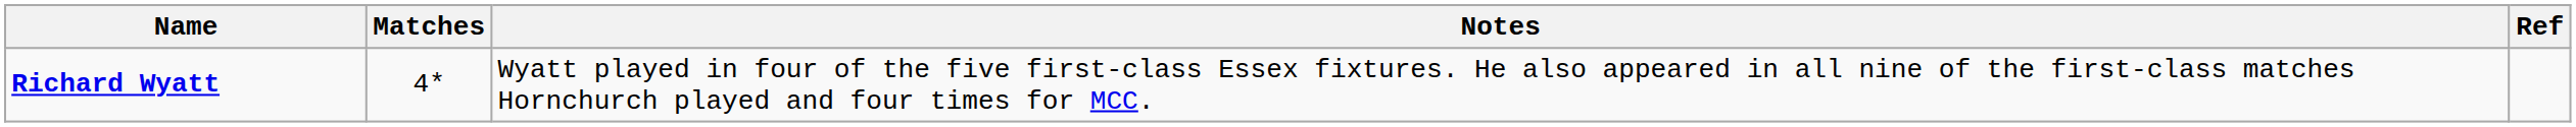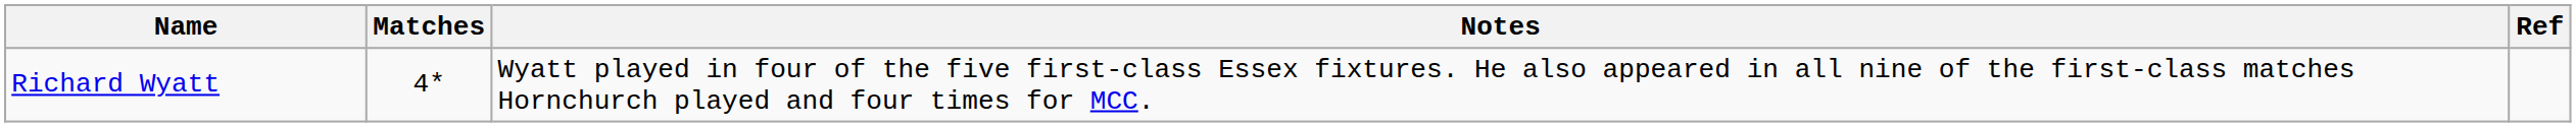 <table class="wikitable">
 <tr>
 <th style="width:170px">Name</th>
 <th>Matches</th>
 <th>Notes</th>
 <th>Ref</th>
 </tr>
 <tr>
-<td><strong><a href='#'>Richard Wyatt</a></strong></td>
+<td><a href='#'>Richard Wyatt</a></td>
 <td align=center>4*</td>
 <td>Wyatt played in four of the five first-class Essex fixtures. He also appeared in all nine of the first-class matches Hornchurch played and four times for <a href='#'>MCC</a>.</td>
 <td></td>
 </tr>
 </table>
